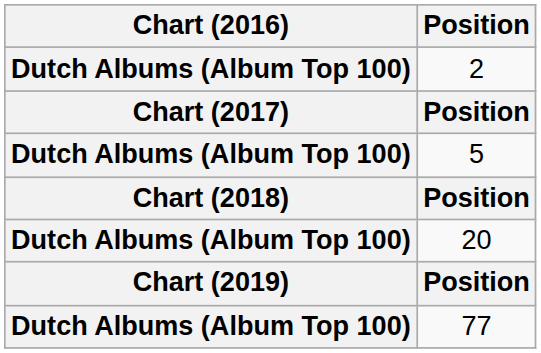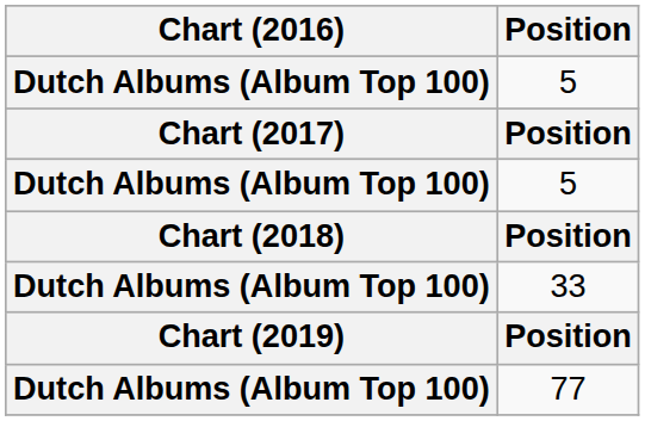 <table class="wikitable plainrowheaders" style="text-align:center;">
 <tr>
 <th scope="col">Chart (2016)</th>
 <th scope="col">Position</th>
 </tr>
 <tr>
 <th scope="row">Dutch Albums (Album Top 100)</th>
-<td>2</td>
+<td>5</td>
 </tr>
 <tr>
 <th scope="col">Chart (2017)</th>
 <th scope="col">Position</th>
 </tr>
 <tr>
 <th scope="row">Dutch Albums (Album Top 100)</th>
 <td>5</td>
 </tr>
 <tr>
 <th scope="col">Chart (2018)</th>
 <th scope="col">Position</th>
 </tr>
 <tr>
 <th scope="row">Dutch Albums (Album Top 100)</th>
-<td>20</td>
+<td>33</td>
 </tr>
 <tr>
 <th scope="col">Chart (2019)</th>
 <th scope="col">Position</th>
 </tr>
 <tr>
 <th scope="row">Dutch Albums (Album Top 100)</th>
 <td>77</td>
 </tr>
 </table>
